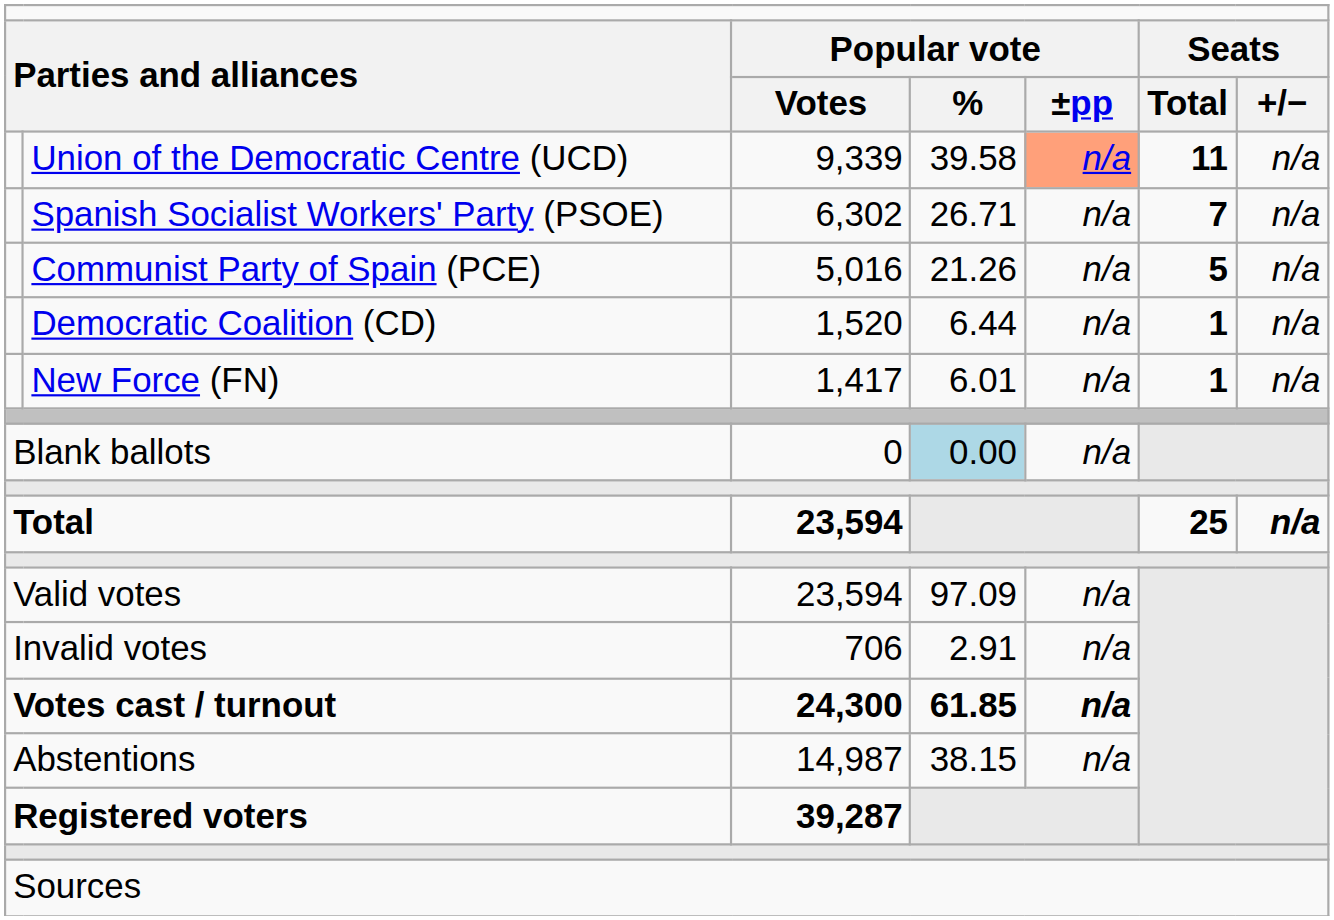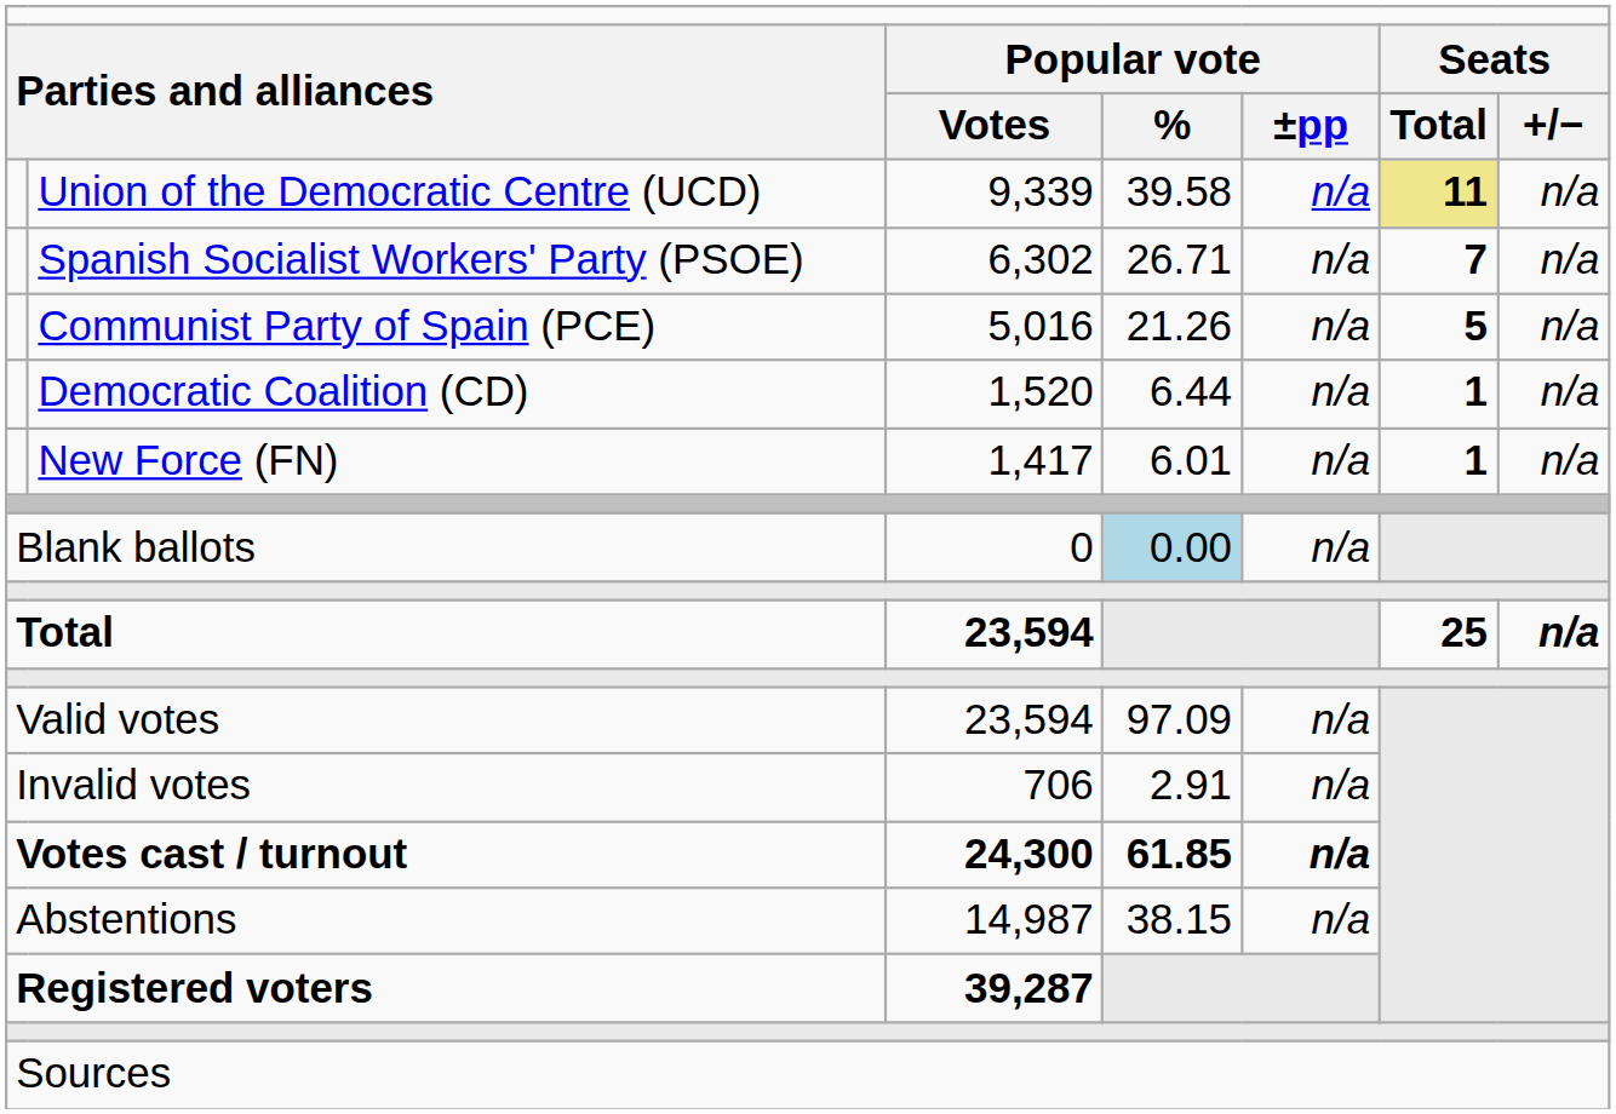 <table class="wikitable" style="text-align:right;">
 <tr>
 <td colspan="7"></td>
 </tr>
 <tr>
 <th style="text-align:left;" rowspan="2" colspan="2" width="525">Parties and alliances</th>
 <th colspan="3">Popular vote</th>
 <th colspan="2">Seats</th>
 </tr>
 <tr>
 <th width="75">Votes</th>
 <th width="45">%</th>
 <th width="45">±<a href='#'>pp</a></th>
 <th width="35">Total</th>
 <th width="35">+/−</th>
 </tr>
 <tr>
 <td width="1" style="color:inherit;background:"></td>
 <td align="left"><a href='#'>Union of the Democratic Centre</a> (UCD)</td>
 <td>9,339</td>
 <td>39.58</td>
-<td style="background: lightsalmon;"><em><a href='#'>n/a</a></em></td>
-<td><strong>11</strong></td>
+<td><em><a href='#'>n/a</a></em></td>
+<td style="background: khaki;"><strong>11</strong></td>
 <td><em>n/a</em></td>
 </tr>
 <tr>
 <td style="color:inherit;background:"></td>
 <td align="left"><a href='#'>Spanish Socialist Workers' Party</a> (PSOE)</td>
 <td>6,302</td>
 <td>26.71</td>
 <td><em>n/a</em></td>
 <td><strong>7</strong></td>
 <td><em>n/a</em></td>
 </tr>
 <tr>
 <td style="color:inherit;background:"></td>
 <td align="left"><a href='#'>Communist Party of Spain</a> (PCE)</td>
 <td>5,016</td>
 <td>21.26</td>
 <td><em>n/a</em></td>
 <td><strong>5</strong></td>
 <td><em>n/a</em></td>
 </tr>
 <tr>
 <td style="color:inherit;background:"></td>
 <td align="left"><a href='#'>Democratic Coalition</a> (CD)</td>
 <td>1,520</td>
 <td>6.44</td>
 <td><em>n/a</em></td>
 <td><strong>1</strong></td>
 <td><em>n/a</em></td>
 </tr>
 <tr>
 <td style="color:inherit;background:"></td>
 <td align="left"><a href='#'>New Force</a> (FN)</td>
 <td>1,417</td>
 <td>6.01</td>
 <td><em>n/a</em></td>
 <td><strong>1</strong></td>
 <td><em>n/a</em></td>
 </tr>
 <tr>
 <td colspan="7" bgcolor="#C0C0C0"></td>
 </tr>
 <tr>
 <td align="left" colspan="2">Blank ballots</td>
 <td>0</td>
 <td style="background: lightblue;">0.00</td>
 <td><em>n/a</em></td>
 <td bgcolor="#E9E9E9" colspan="2"></td>
 </tr>
 <tr>
 <td colspan="7" bgcolor="#E9E9E9"></td>
 </tr>
 <tr style="font-weight:bold;">
 <td align="left" colspan="2">Total</td>
 <td>23,594</td>
 <td bgcolor="#E9E9E9" colspan="2"></td>
 <td>25</td>
 <td><em>n/a</em></td>
 </tr>
 <tr>
 <td colspan="7" bgcolor="#E9E9E9"></td>
 </tr>
 <tr>
 <td align="left" colspan="2">Valid votes</td>
 <td>23,594</td>
 <td>97.09</td>
 <td><em>n/a</em></td>
 <td bgcolor="#E9E9E9" colspan="2" rowspan="5"></td>
 </tr>
 <tr>
 <td align="left" colspan="2">Invalid votes</td>
 <td>706</td>
 <td>2.91</td>
 <td><em>n/a</em></td>
 </tr>
 <tr style="font-weight:bold;">
 <td align="left" colspan="2">Votes cast / turnout</td>
 <td>24,300</td>
 <td>61.85</td>
 <td><em>n/a</em></td>
 </tr>
 <tr>
 <td align="left" colspan="2">Abstentions</td>
 <td>14,987</td>
 <td>38.15</td>
 <td><em>n/a</em></td>
 </tr>
 <tr style="font-weight:bold;">
 <td align="left" colspan="2">Registered voters</td>
 <td>39,287</td>
 <td bgcolor="#E9E9E9" colspan="2"></td>
 </tr>
 <tr>
 <td colspan="7" bgcolor="#E9E9E9"></td>
 </tr>
 <tr>
 <td align="left" colspan="7">Sources</td>
 </tr>
 </table>
